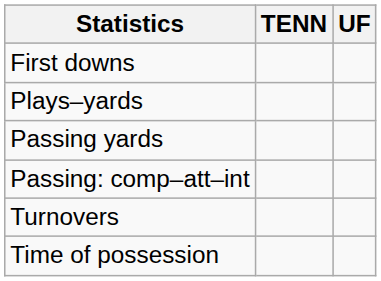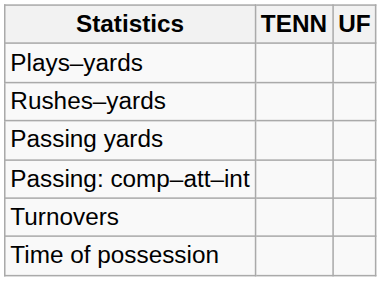 <table class="wikitable" style="float:left">
 <tr>
 <th>Statistics</th>
 <th>TENN</th>
 <th>UF</th>
 </tr>
 <tr>
-<td>First downs</td>
+<td>Plays–yards</td>
 <td></td>
 <td></td>
 </tr>
 <tr>
-<td>Plays–yards</td>
+<td>Rushes–yards</td>
 <td></td>
 <td></td>
 </tr>
 <tr>
 <td>Passing yards</td>
 <td></td>
 <td></td>
 </tr>
 <tr>
 <td>Passing: comp–att–int</td>
 <td></td>
 <td></td>
 </tr>
 <tr>
 <td>Turnovers</td>
 <td></td>
 <td></td>
 </tr>
 <tr>
 <td>Time of possession</td>
 <td></td>
 <td></td>
 </tr>
 </table>
